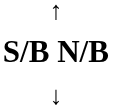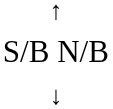 <table style="text-align:center;">
 <tr>
 <td><small>  ↑ </small></td>
 </tr>
 <tr>
-<td><strong> <span>S/B</span>  <span>N/B</span> </strong></td>
+<td> <span>S/B</span>  <span>N/B</span> </td>
 </tr>
 <tr>
 <td><small> ↓  </small></td>
 </tr>
 </table>
